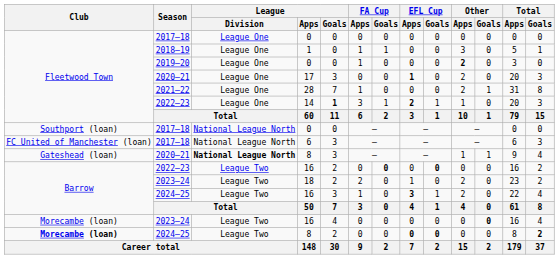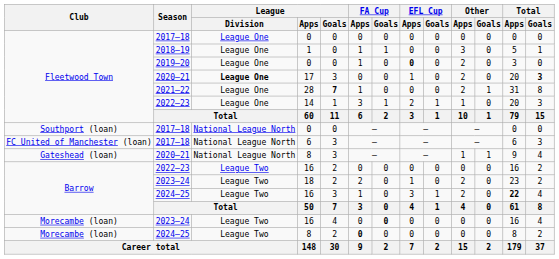 <table class=wikitable style=text-align:center>
 <tr>
 <th rowspan=2>Club</th>
 <th rowspan=2>Season</th>
 <th colspan=3>League</th>
 <th colspan=2><a href='#'>FA Cup</a></th>
 <th colspan=2><a href='#'>EFL Cup</a></th>
 <th colspan=2>Other</th>
 <th colspan=2>Total</th>
 </tr>
 <tr>
 <th>Division</th>
 <th>Apps</th>
 <th>Goals</th>
 <th>Apps</th>
 <th>Goals</th>
 <th>Apps</th>
 <th>Goals</th>
 <th>Apps</th>
 <th>Goals</th>
 <th>Apps</th>
 <th>Goals</th>
 </tr>
 <tr>
 <td rowspan=7><a href='#'>Fleetwood Town</a></td>
 <td><a href='#'>2017–18</a></td>
 <td><a href='#'>League One</a></td>
 <td>0</td>
 <td>0</td>
 <td>0</td>
 <td>0</td>
 <td>0</td>
 <td>0</td>
 <td>0</td>
 <td>0</td>
 <td>0</td>
 <td>0</td>
 </tr>
 <tr>
 <td><a href='#'>2018–19</a></td>
 <td>League One</td>
 <td>1</td>
 <td>0</td>
 <td>1</td>
 <td>1</td>
 <td>0</td>
 <td>0</td>
 <td>3</td>
 <td>0</td>
 <td>5</td>
 <td>1</td>
 </tr>
 <tr>
 <td><a href='#'>2019–20</a></td>
 <td>League One</td>
 <td>0</td>
 <td>0</td>
 <td>1</td>
 <td>0</td>
+<td><strong>0</strong></td>
 <td>0</td>
-<td>0</td>
-<td><strong>2</strong></td>
+<td>2</td>
 <td>0</td>
 <td>3</td>
 <td>0</td>
 </tr>
 <tr>
 <td><a href='#'>2020–21</a></td>
-<td>League One</td>
+<td><strong>League One</strong></td>
 <td>17</td>
 <td>3</td>
 <td>0</td>
 <td>0</td>
-<td><strong>1</strong></td>
+<td>1</td>
 <td>0</td>
 <td>2</td>
 <td>0</td>
 <td>20</td>
-<td>3</td>
+<td><strong>3</strong></td>
 </tr>
 <tr>
 <td><a href='#'>2021–22</a></td>
 <td>League One</td>
 <td>28</td>
-<td>7</td>
+<td><strong>7</strong></td>
 <td>1</td>
 <td>0</td>
 <td>0</td>
 <td>0</td>
 <td>2</td>
 <td>1</td>
 <td>31</td>
 <td>8</td>
 </tr>
 <tr>
 <td><a href='#'>2022–23</a></td>
 <td>League One</td>
 <td>14</td>
-<td><strong>1</strong></td>
+<td>1</td>
 <td>3</td>
 <td>1</td>
-<td><strong>2</strong></td>
+<td>2</td>
 <td>1</td>
 <td>1</td>
 <td>0</td>
 <td>20</td>
 <td>3</td>
 </tr>
 <tr>
 <th colspan=2>Total</th>
 <th>60</th>
 <th>11</th>
 <th>6</th>
 <th>2</th>
 <th>3</th>
 <th>1</th>
 <th>10</th>
 <th>1</th>
 <th>79</th>
 <th>15</th>
 </tr>
 <tr>
 <td><a href='#'>Southport</a> (loan)</td>
 <td><a href='#'>2017–18</a></td>
 <td><a href='#'>National League North</a></td>
 <td>0</td>
 <td>0</td>
 <td colspan=2>—</td>
 <td colspan=2>—</td>
 <td colspan=2>—</td>
 <td>0</td>
 <td>0</td>
 </tr>
 <tr>
 <td><a href='#'>FC United of Manchester</a> (loan)</td>
 <td><a href='#'>2017–18</a></td>
 <td>National League North</td>
 <td>6</td>
 <td>3</td>
 <td colspan=2>—</td>
 <td colspan=2>—</td>
 <td colspan=2>—</td>
 <td>6</td>
 <td>3</td>
 </tr>
 <tr>
 <td><a href='#'>Gateshead</a> (loan)</td>
 <td><a href='#'>2020–21</a></td>
-<td><strong>National League North</strong></td>
+<td>National League North</td>
 <td>8</td>
 <td>3</td>
 <td colspan=2>—</td>
 <td colspan=2>—</td>
 <td>1</td>
 <td>1</td>
 <td>9</td>
 <td>4</td>
 </tr>
 <tr>
 <td rowspan=4><a href='#'>Barrow</a></td>
 <td><a href='#'>2022–23</a></td>
 <td><a href='#'>League Two</a></td>
 <td>16</td>
 <td>2</td>
 <td>0</td>
-<td><strong>0</strong></td>
 <td>0</td>
-<td><strong>0</strong></td>
+<td>0</td>
+<td>0</td>
 <td>0</td>
 <td>0</td>
 <td>16</td>
 <td>2</td>
 </tr>
 <tr>
 <td><a href='#'>2023–24</a></td>
 <td>League Two</td>
 <td>18</td>
 <td>2</td>
 <td>2</td>
 <td>0</td>
 <td>1</td>
 <td>0</td>
 <td>2</td>
 <td>0</td>
 <td>23</td>
 <td>2</td>
 </tr>
 <tr>
 <td><a href='#'>2024–25</a></td>
 <td>League Two</td>
 <td>16</td>
 <td>3</td>
 <td>1</td>
 <td>0</td>
-<td><strong>3</strong></td>
+<td>3</td>
 <td>1</td>
 <td>2</td>
 <td>0</td>
-<td>22</td>
+<td><strong>22</strong></td>
 <td>4</td>
 </tr>
 <tr>
 <th colspan=2>Total</th>
 <th>50</th>
 <th>7</th>
 <th>3</th>
 <th>0</th>
 <th>4</th>
 <th>1</th>
 <th>4</th>
 <th>0</th>
 <th>61</th>
 <th>8</th>
 </tr>
 <tr>
 <td><a href='#'>Morecambe</a> (loan)</td>
 <td><a href='#'>2023–24</a></td>
 <td>League Two</td>
 <td>16</td>
 <td>4</td>
 <td>0</td>
+<td><strong>0</strong></td>
 <td>0</td>
 <td>0</td>
 <td>0</td>
 <td>0</td>
-<td><strong>0</strong></td>
 <td>16</td>
 <td>4</td>
 </tr>
 <tr>
-<td><strong><a href='#'>Morecambe</a> (loan)</strong></td>
+<td><a href='#'>Morecambe</a> (loan)</td>
 <td><a href='#'>2024–25</a></td>
 <td>League Two</td>
 <td>8</td>
 <td>2</td>
-<td>0</td>
-<td>0</td>
-<td><strong>0</strong></td>
 <td><strong>0</strong></td>
 <td>0</td>
 <td>0</td>
+<td>0</td>
+<td>0</td>
+<td>0</td>
 <td>8</td>
-<td><strong>2</strong></td>
+<td>2</td>
 </tr>
 <tr>
 <th colspan=3>Career total</th>
 <th>148</th>
 <th>30</th>
 <th>9</th>
 <th>2</th>
 <th>7</th>
 <th>2</th>
 <th>15</th>
 <th>2</th>
 <th>179</th>
 <th>37</th>
 </tr>
 </table>
